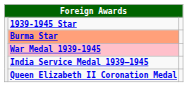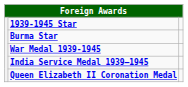 <table class="wikitable">
 <tr>
 <th colspan="3" style="background:#006400; color:#FFFFFF; text-align:center"><strong>Foreign Awards</strong></th>
 </tr>
 <tr>
 <th rowspan="5"><strong></strong></th>
 <td><strong><a href='#'>1939-1945 Star</a></strong></td>
 <td></td>
 </tr>
 <tr>
-<td style="background: lightsalmon;"><strong><a href='#'>Burma Star</a></strong></td>
+<td><strong><a href='#'>Burma Star</a></strong></td>
 <td></td>
 </tr>
 <tr>
-<td style="background: pink;"><strong><a href='#'>War Medal 1939-1945</a></strong></td>
+<td><strong><a href='#'>War Medal 1939-1945</a></strong></td>
 <td></td>
 </tr>
 <tr>
 <td><a href='#'><strong>India Service Medal 1939–1945</strong></a></td>
 <td></td>
 </tr>
 <tr>
 <td><strong><a href='#'>Queen Elizabeth II Coronation Medal</a></strong></td>
 <td></td>
 </tr>
 </table>
